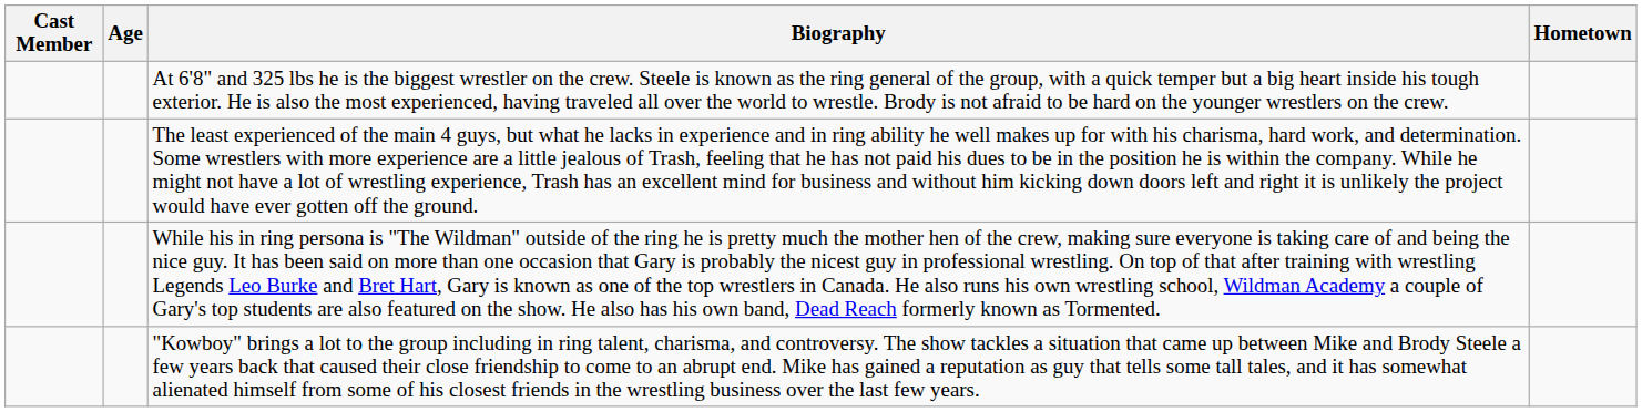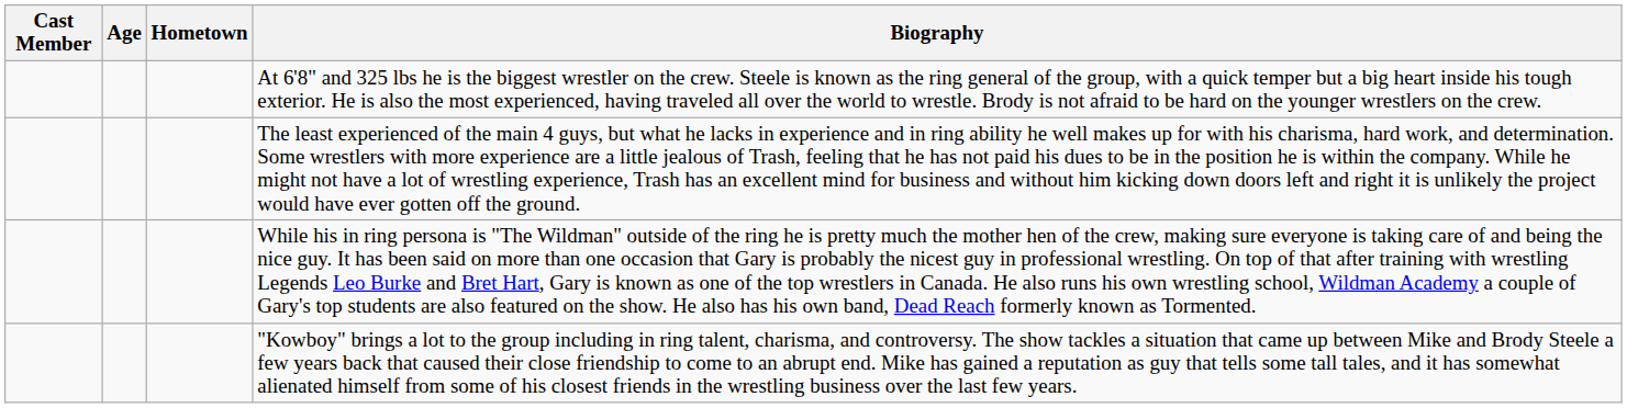 <table class="wikitable sortable">
 <tr>
 <th>Cast Member</th>
 <th>Age</th>
+<th>Hometown</th>
 <th>Biography</th>
-<th>Hometown</th>
 </tr>
 <tr>
 <td></td>
 <td></td>
+<td></td>
 <td>At 6'8" and 325 lbs he is the biggest wrestler on the crew. Steele is known as the ring general of the group, with a quick temper but a big heart inside his tough exterior. He is also the most experienced, having traveled all over the world to wrestle.  Brody is not afraid to be hard on the younger wrestlers on the crew.</td>
-<td></td>
 </tr>
 <tr>
 <td></td>
 <td></td>
+<td></td>
 <td>The least experienced of the main 4 guys, but what he lacks in experience and in ring ability he well makes up for with his charisma, hard work, and determination.  Some wrestlers with more experience are a little jealous of Trash, feeling that he has not paid his dues to be in the position he is within the company.  While he might not have a lot of wrestling experience, Trash has an excellent mind for business and without him kicking down doors left and right it is unlikely the project would have ever gotten off the ground.</td>
-<td></td>
 </tr>
 <tr>
 <td></td>
 <td></td>
+<td></td>
 <td>While his in ring persona is "The Wildman" outside of the ring he is pretty much the mother hen of the crew, making sure everyone is taking care of and being the nice guy. It has been said on more than one occasion that Gary is probably the nicest guy in professional wrestling.  On top of that after training with wrestling Legends <a href='#'>Leo Burke</a> and <a href='#'>Bret Hart</a>, Gary is known as one of the top wrestlers in Canada.  He also runs his own wrestling school, <a href='#'>Wildman Academy</a> a couple of Gary's top students are also featured on the show.  He also has his own band, <a href='#'>Dead Reach</a> formerly known as Tormented.</td>
-<td></td>
 </tr>
 <tr>
 <td></td>
 <td></td>
+<td></td>
 <td>"Kowboy" brings a lot to the group including in ring talent, charisma, and controversy.  The show tackles a situation that came up between Mike and Brody Steele a few years back that caused their close friendship to come to an abrupt end.  Mike has gained a reputation as guy that tells some tall tales, and it has somewhat alienated himself from some of his closest friends in the wrestling business over the last few years.</td>
-<td></td>
 </tr>
 </table>
